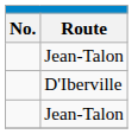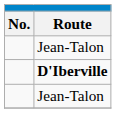 <table align=center class="wikitable">
 <tr>
 <th style="background: #0085CA; font-size:100%; color:#FFFFFF;"colspan="4"><a href='#'></a></th>
 </tr>
 <tr>
 <th>No.</th>
 <th>Route</th>
 </tr>
 <tr>
 <td></td>
 <td>Jean-Talon</td>
 </tr>
 <tr>
 <td></td>
-<td>D'Iberville</td>
+<td><strong>D'Iberville</strong></td>
 </tr>
 <tr>
 <td {{Avoid wrap> </td>
 <td>Jean-Talon</td>
 </tr>
 <tr>
 </tr>
 </table>
